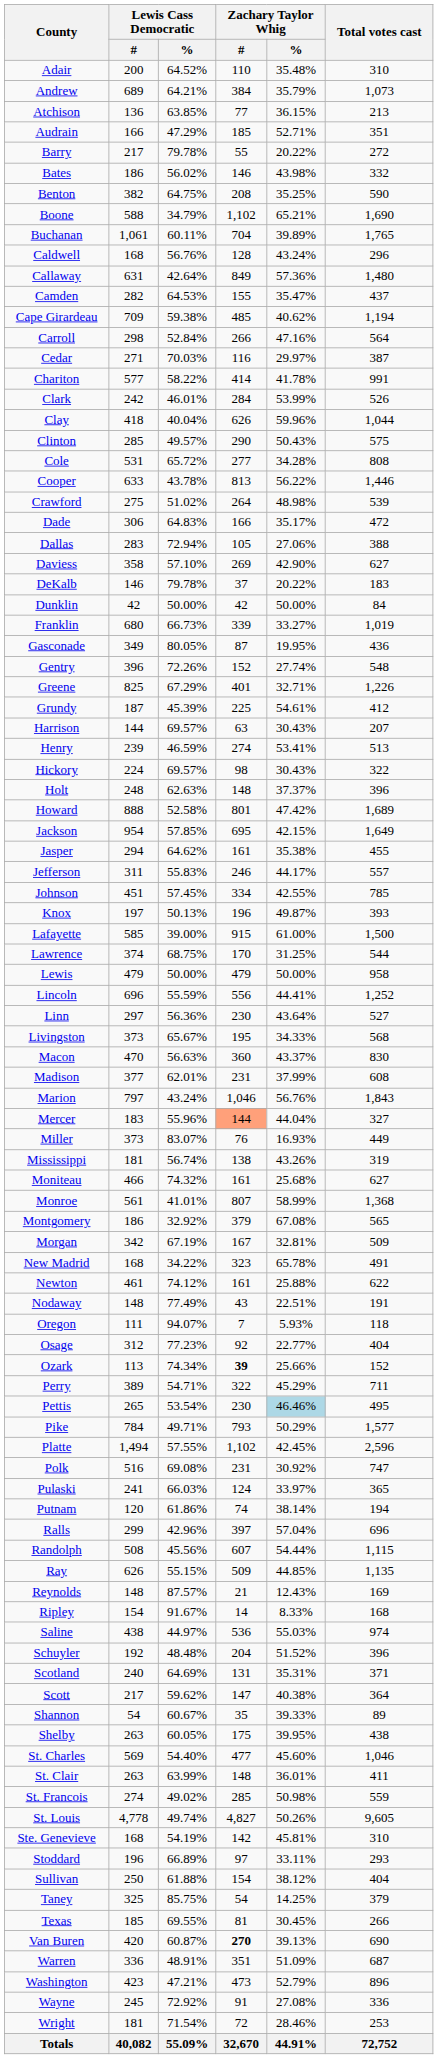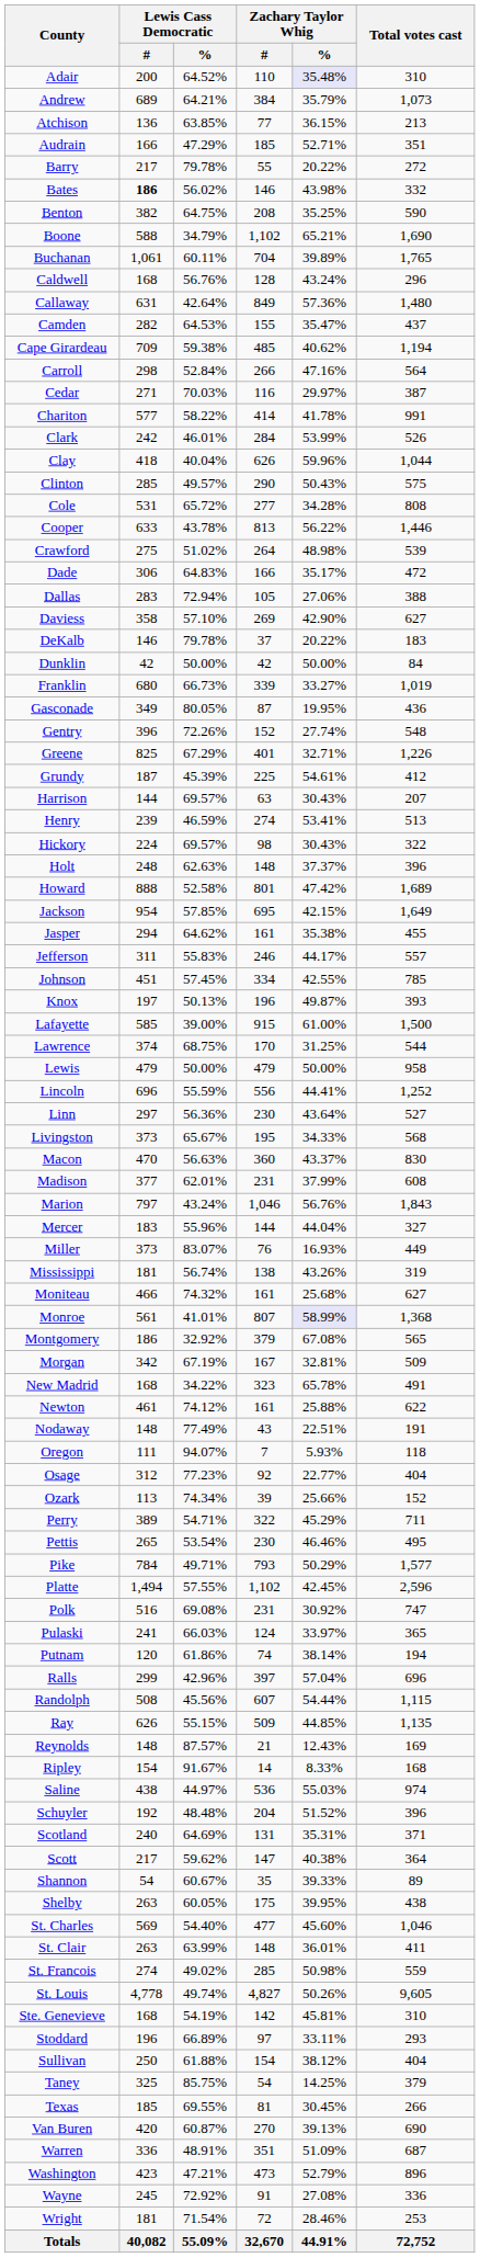 <table class="wikitable sortable" width="60%">
 <tr>
 <th rowspan="2">County</th>
 <th colspan="2">Lewis Cass<br>Democratic</th>
 <th colspan="2">Zachary Taylor<br>Whig</th>
 <th rowspan="2">Total votes cast</th>
 </tr>
 <tr>
 <th data-sort-type="number" style="text-align:center;">#</th>
 <th data-sort-type="number" style="text-align:center;">%</th>
 <th data-sort-type="number" style="text-align:center;">#</th>
 <th data-sort-type="number" style="text-align:center;">%</th>
 </tr>
 <tr style="text-align:center;">
 <td><a href='#'>Adair</a></td>
 <td>200</td>
 <td>64.52%</td>
 <td>110</td>
-<td>35.48%</td>
+<td style="background: lavender;">35.48%</td>
 <td>310</td>
 </tr>
 <tr style="text-align:center;">
 <td><a href='#'>Andrew</a></td>
 <td>689</td>
 <td>64.21%</td>
 <td>384</td>
 <td>35.79%</td>
 <td>1,073</td>
 </tr>
 <tr style="text-align:center;">
 <td><a href='#'>Atchison</a></td>
 <td>136</td>
 <td>63.85%</td>
 <td>77</td>
 <td>36.15%</td>
 <td>213</td>
 </tr>
 <tr style="text-align:center;">
 <td><a href='#'>Audrain</a></td>
 <td>166</td>
 <td>47.29%</td>
 <td>185</td>
 <td>52.71%</td>
 <td>351</td>
 </tr>
 <tr style="text-align:center;">
 <td><a href='#'>Barry</a></td>
 <td>217</td>
 <td>79.78%</td>
 <td>55</td>
 <td>20.22%</td>
 <td>272</td>
 </tr>
 <tr style="text-align:center;">
 <td><a href='#'>Bates</a></td>
-<td>186</td>
+<td><strong>186</strong></td>
 <td>56.02%</td>
 <td>146</td>
 <td>43.98%</td>
 <td>332</td>
 </tr>
 <tr style="text-align:center;">
 <td><a href='#'>Benton</a></td>
 <td>382</td>
 <td>64.75%</td>
 <td>208</td>
 <td>35.25%</td>
 <td>590</td>
 </tr>
 <tr style="text-align:center;">
 <td><a href='#'>Boone</a></td>
 <td>588</td>
 <td>34.79%</td>
 <td>1,102</td>
 <td>65.21%</td>
 <td>1,690</td>
 </tr>
 <tr style="text-align:center;">
 <td><a href='#'>Buchanan</a></td>
 <td>1,061</td>
 <td>60.11%</td>
 <td>704</td>
 <td>39.89%</td>
 <td>1,765</td>
 </tr>
 <tr style="text-align:center;">
 <td><a href='#'>Caldwell</a></td>
 <td>168</td>
 <td>56.76%</td>
 <td>128</td>
 <td>43.24%</td>
 <td>296</td>
 </tr>
 <tr style="text-align:center;">
 <td><a href='#'>Callaway</a></td>
 <td>631</td>
 <td>42.64%</td>
 <td>849</td>
 <td>57.36%</td>
 <td>1,480</td>
 </tr>
 <tr style="text-align:center;">
 <td><a href='#'>Camden</a></td>
 <td>282</td>
 <td>64.53%</td>
 <td>155</td>
 <td>35.47%</td>
 <td>437</td>
 </tr>
 <tr style="text-align:center;">
 <td><a href='#'>Cape Girardeau</a></td>
 <td>709</td>
 <td>59.38%</td>
 <td>485</td>
 <td>40.62%</td>
 <td>1,194</td>
 </tr>
 <tr style="text-align:center;">
 <td><a href='#'>Carroll</a></td>
 <td>298</td>
 <td>52.84%</td>
 <td>266</td>
 <td>47.16%</td>
 <td>564</td>
 </tr>
 <tr style="text-align:center;">
 <td><a href='#'>Cedar</a></td>
 <td>271</td>
 <td>70.03%</td>
 <td>116</td>
 <td>29.97%</td>
 <td>387</td>
 </tr>
 <tr style="text-align:center;">
 <td><a href='#'>Chariton</a></td>
 <td>577</td>
 <td>58.22%</td>
 <td>414</td>
 <td>41.78%</td>
 <td>991</td>
 </tr>
 <tr style="text-align:center;">
 <td><a href='#'>Clark</a></td>
 <td>242</td>
 <td>46.01%</td>
 <td>284</td>
 <td>53.99%</td>
 <td>526</td>
 </tr>
 <tr style="text-align:center;">
 <td><a href='#'>Clay</a></td>
 <td>418</td>
 <td>40.04%</td>
 <td>626</td>
 <td>59.96%</td>
 <td>1,044</td>
 </tr>
 <tr style="text-align:center;">
 <td><a href='#'>Clinton</a></td>
 <td>285</td>
 <td>49.57%</td>
 <td>290</td>
 <td>50.43%</td>
 <td>575</td>
 </tr>
 <tr style="text-align:center;">
 <td><a href='#'>Cole</a></td>
 <td>531</td>
 <td>65.72%</td>
 <td>277</td>
 <td>34.28%</td>
 <td>808</td>
 </tr>
 <tr style="text-align:center;">
 <td><a href='#'>Cooper</a></td>
 <td>633</td>
 <td>43.78%</td>
 <td>813</td>
 <td>56.22%</td>
 <td>1,446</td>
 </tr>
 <tr style="text-align:center;">
 <td><a href='#'>Crawford</a></td>
 <td>275</td>
 <td>51.02%</td>
 <td>264</td>
 <td>48.98%</td>
 <td>539</td>
 </tr>
 <tr style="text-align:center;">
 <td><a href='#'>Dade</a></td>
 <td>306</td>
 <td>64.83%</td>
 <td>166</td>
 <td>35.17%</td>
 <td>472</td>
 </tr>
 <tr style="text-align:center;">
 <td><a href='#'>Dallas</a></td>
 <td>283</td>
 <td>72.94%</td>
 <td>105</td>
 <td>27.06%</td>
 <td>388</td>
 </tr>
 <tr style="text-align:center;">
 <td><a href='#'>Daviess</a></td>
 <td>358</td>
 <td>57.10%</td>
 <td>269</td>
 <td>42.90%</td>
 <td>627</td>
 </tr>
 <tr style="text-align:center;">
 <td><a href='#'>DeKalb</a></td>
 <td>146</td>
 <td>79.78%</td>
 <td>37</td>
 <td>20.22%</td>
 <td>183</td>
 </tr>
 <tr style="text-align:center;">
 <td><a href='#'>Dunklin</a></td>
 <td>42</td>
 <td>50.00%</td>
 <td>42</td>
 <td>50.00%</td>
 <td>84</td>
 </tr>
 <tr style="text-align:center;">
 <td><a href='#'>Franklin</a></td>
 <td>680</td>
 <td>66.73%</td>
 <td>339</td>
 <td>33.27%</td>
 <td>1,019</td>
 </tr>
 <tr style="text-align:center;">
 <td><a href='#'>Gasconade</a></td>
 <td>349</td>
 <td>80.05%</td>
 <td>87</td>
 <td>19.95%</td>
 <td>436</td>
 </tr>
 <tr style="text-align:center;">
 <td><a href='#'>Gentry</a></td>
 <td>396</td>
 <td>72.26%</td>
 <td>152</td>
 <td>27.74%</td>
 <td>548</td>
 </tr>
 <tr style="text-align:center;">
 <td><a href='#'>Greene</a></td>
 <td>825</td>
 <td>67.29%</td>
 <td>401</td>
 <td>32.71%</td>
 <td>1,226</td>
 </tr>
 <tr style="text-align:center;">
 <td><a href='#'>Grundy</a></td>
 <td>187</td>
 <td>45.39%</td>
 <td>225</td>
 <td>54.61%</td>
 <td>412</td>
 </tr>
 <tr style="text-align:center;">
 <td><a href='#'>Harrison</a></td>
 <td>144</td>
 <td>69.57%</td>
 <td>63</td>
 <td>30.43%</td>
 <td>207</td>
 </tr>
 <tr style="text-align:center;">
 <td><a href='#'>Henry</a></td>
 <td>239</td>
 <td>46.59%</td>
 <td>274</td>
 <td>53.41%</td>
 <td>513</td>
 </tr>
 <tr style="text-align:center;">
 <td><a href='#'>Hickory</a></td>
 <td>224</td>
 <td>69.57%</td>
 <td>98</td>
 <td>30.43%</td>
 <td>322</td>
 </tr>
 <tr style="text-align:center;">
 <td><a href='#'>Holt</a></td>
 <td>248</td>
 <td>62.63%</td>
 <td>148</td>
 <td>37.37%</td>
 <td>396</td>
 </tr>
 <tr style="text-align:center;">
 <td><a href='#'>Howard</a></td>
 <td>888</td>
 <td>52.58%</td>
 <td>801</td>
 <td>47.42%</td>
 <td>1,689</td>
 </tr>
 <tr style="text-align:center;">
 <td><a href='#'>Jackson</a></td>
 <td>954</td>
 <td>57.85%</td>
 <td>695</td>
 <td>42.15%</td>
 <td>1,649</td>
 </tr>
 <tr style="text-align:center;">
 <td><a href='#'>Jasper</a></td>
 <td>294</td>
 <td>64.62%</td>
 <td>161</td>
 <td>35.38%</td>
 <td>455</td>
 </tr>
 <tr style="text-align:center;">
 <td><a href='#'>Jefferson</a></td>
 <td>311</td>
 <td>55.83%</td>
 <td>246</td>
 <td>44.17%</td>
 <td>557</td>
 </tr>
 <tr style="text-align:center;">
 <td><a href='#'>Johnson</a></td>
 <td>451</td>
 <td>57.45%</td>
 <td>334</td>
 <td>42.55%</td>
 <td>785</td>
 </tr>
 <tr style="text-align:center;">
 <td><a href='#'>Knox</a></td>
 <td>197</td>
 <td>50.13%</td>
 <td>196</td>
 <td>49.87%</td>
 <td>393</td>
 </tr>
 <tr style="text-align:center;">
 <td><a href='#'>Lafayette</a></td>
 <td>585</td>
 <td>39.00%</td>
 <td>915</td>
 <td>61.00%</td>
 <td>1,500</td>
 </tr>
 <tr style="text-align:center;">
 <td><a href='#'>Lawrence</a></td>
 <td>374</td>
 <td>68.75%</td>
 <td>170</td>
 <td>31.25%</td>
 <td>544</td>
 </tr>
 <tr style="text-align:center;">
 <td><a href='#'>Lewis</a></td>
 <td>479</td>
 <td>50.00%</td>
 <td>479</td>
 <td>50.00%</td>
 <td>958</td>
 </tr>
 <tr style="text-align:center;">
 <td><a href='#'>Lincoln</a></td>
 <td>696</td>
 <td>55.59%</td>
 <td>556</td>
 <td>44.41%</td>
 <td>1,252</td>
 </tr>
 <tr style="text-align:center;">
 <td><a href='#'>Linn</a></td>
 <td>297</td>
 <td>56.36%</td>
 <td>230</td>
 <td>43.64%</td>
 <td>527</td>
 </tr>
 <tr style="text-align:center;">
 <td><a href='#'>Livingston</a></td>
 <td>373</td>
 <td>65.67%</td>
 <td>195</td>
 <td>34.33%</td>
 <td>568</td>
 </tr>
 <tr style="text-align:center;">
 <td><a href='#'>Macon</a></td>
 <td>470</td>
 <td>56.63%</td>
 <td>360</td>
 <td>43.37%</td>
 <td>830</td>
 </tr>
 <tr style="text-align:center;">
 <td><a href='#'>Madison</a></td>
 <td>377</td>
 <td>62.01%</td>
 <td>231</td>
 <td>37.99%</td>
 <td>608</td>
 </tr>
 <tr style="text-align:center;">
 <td><a href='#'>Marion</a></td>
 <td>797</td>
 <td>43.24%</td>
 <td>1,046</td>
 <td>56.76%</td>
 <td>1,843</td>
 </tr>
 <tr style="text-align:center;">
 <td><a href='#'>Mercer</a></td>
 <td>183</td>
 <td>55.96%</td>
-<td style="background: lightsalmon;">144</td>
+<td>144</td>
 <td>44.04%</td>
 <td>327</td>
 </tr>
 <tr style="text-align:center;">
 <td><a href='#'>Miller</a></td>
 <td>373</td>
 <td>83.07%</td>
 <td>76</td>
 <td>16.93%</td>
 <td>449</td>
 </tr>
 <tr style="text-align:center;">
 <td><a href='#'>Mississippi</a></td>
 <td>181</td>
 <td>56.74%</td>
 <td>138</td>
 <td>43.26%</td>
 <td>319</td>
 </tr>
 <tr style="text-align:center;">
 <td><a href='#'>Moniteau</a></td>
 <td>466</td>
 <td>74.32%</td>
 <td>161</td>
 <td>25.68%</td>
 <td>627</td>
 </tr>
 <tr style="text-align:center;">
 <td><a href='#'>Monroe</a></td>
 <td>561</td>
 <td>41.01%</td>
 <td>807</td>
-<td>58.99%</td>
+<td style="background: lavender;">58.99%</td>
 <td>1,368</td>
 </tr>
 <tr style="text-align:center;">
 <td><a href='#'>Montgomery</a></td>
 <td>186</td>
 <td>32.92%</td>
 <td>379</td>
 <td>67.08%</td>
 <td>565</td>
 </tr>
 <tr style="text-align:center;">
 <td><a href='#'>Morgan</a></td>
 <td>342</td>
 <td>67.19%</td>
 <td>167</td>
 <td>32.81%</td>
 <td>509</td>
 </tr>
 <tr style="text-align:center;">
 <td><a href='#'>New Madrid</a></td>
 <td>168</td>
 <td>34.22%</td>
 <td>323</td>
 <td>65.78%</td>
 <td>491</td>
 </tr>
 <tr style="text-align:center;">
 <td><a href='#'>Newton</a></td>
 <td>461</td>
 <td>74.12%</td>
 <td>161</td>
 <td>25.88%</td>
 <td>622</td>
 </tr>
 <tr style="text-align:center;">
 <td><a href='#'>Nodaway</a></td>
 <td>148</td>
 <td>77.49%</td>
 <td>43</td>
 <td>22.51%</td>
 <td>191</td>
 </tr>
 <tr style="text-align:center;">
 <td><a href='#'>Oregon</a></td>
 <td>111</td>
 <td>94.07%</td>
 <td>7</td>
 <td>5.93%</td>
 <td>118</td>
 </tr>
 <tr style="text-align:center;">
 <td><a href='#'>Osage</a></td>
 <td>312</td>
 <td>77.23%</td>
 <td>92</td>
 <td>22.77%</td>
 <td>404</td>
 </tr>
 <tr style="text-align:center;">
 <td><a href='#'>Ozark</a></td>
 <td>113</td>
 <td>74.34%</td>
-<td><strong>39</strong></td>
+<td>39</td>
 <td>25.66%</td>
 <td>152</td>
 </tr>
 <tr style="text-align:center;">
 <td><a href='#'>Perry</a></td>
 <td>389</td>
 <td>54.71%</td>
 <td>322</td>
 <td>45.29%</td>
 <td>711</td>
 </tr>
 <tr style="text-align:center;">
 <td><a href='#'>Pettis</a></td>
 <td>265</td>
 <td>53.54%</td>
 <td>230</td>
-<td style="background: lightblue;">46.46%</td>
+<td>46.46%</td>
 <td>495</td>
 </tr>
 <tr style="text-align:center;">
 <td><a href='#'>Pike</a></td>
 <td>784</td>
 <td>49.71%</td>
 <td>793</td>
 <td>50.29%</td>
 <td>1,577</td>
 </tr>
 <tr style="text-align:center;">
 <td><a href='#'>Platte</a></td>
 <td>1,494</td>
 <td>57.55%</td>
 <td>1,102</td>
 <td>42.45%</td>
 <td>2,596</td>
 </tr>
 <tr style="text-align:center;">
 <td><a href='#'>Polk</a></td>
 <td>516</td>
 <td>69.08%</td>
 <td>231</td>
 <td>30.92%</td>
 <td>747</td>
 </tr>
 <tr style="text-align:center;">
 <td><a href='#'>Pulaski</a></td>
 <td>241</td>
 <td>66.03%</td>
 <td>124</td>
 <td>33.97%</td>
 <td>365</td>
 </tr>
 <tr style="text-align:center;">
 <td><a href='#'>Putnam</a></td>
 <td>120</td>
 <td>61.86%</td>
 <td>74</td>
 <td>38.14%</td>
 <td>194</td>
 </tr>
 <tr style="text-align:center;">
 <td><a href='#'>Ralls</a></td>
 <td>299</td>
 <td>42.96%</td>
 <td>397</td>
 <td>57.04%</td>
 <td>696</td>
 </tr>
 <tr style="text-align:center;">
 <td><a href='#'>Randolph</a></td>
 <td>508</td>
 <td>45.56%</td>
 <td>607</td>
 <td>54.44%</td>
 <td>1,115</td>
 </tr>
 <tr style="text-align:center;">
 <td><a href='#'>Ray</a></td>
 <td>626</td>
 <td>55.15%</td>
 <td>509</td>
 <td>44.85%</td>
 <td>1,135</td>
 </tr>
 <tr style="text-align:center;">
 <td><a href='#'>Reynolds</a></td>
 <td>148</td>
 <td>87.57%</td>
 <td>21</td>
 <td>12.43%</td>
 <td>169</td>
 </tr>
 <tr style="text-align:center;">
 <td><a href='#'>Ripley</a></td>
 <td>154</td>
 <td>91.67%</td>
 <td>14</td>
 <td>8.33%</td>
 <td>168</td>
 </tr>
 <tr style="text-align:center;">
 <td><a href='#'>Saline</a></td>
 <td>438</td>
 <td>44.97%</td>
 <td>536</td>
 <td>55.03%</td>
 <td>974</td>
 </tr>
 <tr style="text-align:center;">
 <td><a href='#'>Schuyler</a></td>
 <td>192</td>
 <td>48.48%</td>
 <td>204</td>
 <td>51.52%</td>
 <td>396</td>
 </tr>
 <tr style="text-align:center;">
 <td><a href='#'>Scotland</a></td>
 <td>240</td>
 <td>64.69%</td>
 <td>131</td>
 <td>35.31%</td>
 <td>371</td>
 </tr>
 <tr style="text-align:center;">
 <td><a href='#'>Scott</a></td>
 <td>217</td>
 <td>59.62%</td>
 <td>147</td>
 <td>40.38%</td>
 <td>364</td>
 </tr>
 <tr style="text-align:center;">
 <td><a href='#'>Shannon</a></td>
 <td>54</td>
 <td>60.67%</td>
 <td>35</td>
 <td>39.33%</td>
 <td>89</td>
 </tr>
 <tr style="text-align:center;">
 <td><a href='#'>Shelby</a></td>
 <td>263</td>
 <td>60.05%</td>
 <td>175</td>
 <td>39.95%</td>
 <td>438</td>
 </tr>
 <tr style="text-align:center;">
 <td><a href='#'>St. Charles</a></td>
 <td>569</td>
 <td>54.40%</td>
 <td>477</td>
 <td>45.60%</td>
 <td>1,046</td>
 </tr>
 <tr style="text-align:center;">
 <td><a href='#'>St. Clair</a></td>
 <td>263</td>
 <td>63.99%</td>
 <td>148</td>
 <td>36.01%</td>
 <td>411</td>
 </tr>
 <tr style="text-align:center;">
 <td><a href='#'>St. Francois</a></td>
 <td>274</td>
 <td>49.02%</td>
 <td>285</td>
 <td>50.98%</td>
 <td>559</td>
 </tr>
 <tr style="text-align:center;">
 <td><a href='#'>St. Louis</a></td>
 <td>4,778</td>
 <td>49.74%</td>
 <td>4,827</td>
 <td>50.26%</td>
 <td>9,605</td>
 </tr>
 <tr style="text-align:center;">
 <td><a href='#'>Ste. Genevieve</a></td>
 <td>168</td>
 <td>54.19%</td>
 <td>142</td>
 <td>45.81%</td>
 <td>310</td>
 </tr>
 <tr style="text-align:center;">
 <td><a href='#'>Stoddard</a></td>
 <td>196</td>
 <td>66.89%</td>
 <td>97</td>
 <td>33.11%</td>
 <td>293</td>
 </tr>
 <tr style="text-align:center;">
 <td><a href='#'>Sullivan</a></td>
 <td>250</td>
 <td>61.88%</td>
 <td>154</td>
 <td>38.12%</td>
 <td>404</td>
 </tr>
 <tr style="text-align:center;">
 <td><a href='#'>Taney</a></td>
 <td>325</td>
 <td>85.75%</td>
 <td>54</td>
 <td>14.25%</td>
 <td>379</td>
 </tr>
 <tr style="text-align:center;">
 <td><a href='#'>Texas</a></td>
 <td>185</td>
 <td>69.55%</td>
 <td>81</td>
 <td>30.45%</td>
 <td>266</td>
 </tr>
 <tr style="text-align:center;">
 <td><a href='#'>Van Buren</a></td>
 <td>420</td>
 <td>60.87%</td>
-<td><strong>270</strong></td>
+<td>270</td>
 <td>39.13%</td>
 <td>690</td>
 </tr>
 <tr style="text-align:center;">
 <td><a href='#'>Warren</a></td>
 <td>336</td>
 <td>48.91%</td>
 <td>351</td>
 <td>51.09%</td>
 <td>687</td>
 </tr>
 <tr style="text-align:center;">
 <td><a href='#'>Washington</a></td>
 <td>423</td>
 <td>47.21%</td>
 <td>473</td>
 <td>52.79%</td>
 <td>896</td>
 </tr>
 <tr style="text-align:center;">
 <td><a href='#'>Wayne</a></td>
 <td>245</td>
 <td>72.92%</td>
 <td>91</td>
 <td>27.08%</td>
 <td>336</td>
 </tr>
 <tr style="text-align:center;">
 <td><a href='#'>Wright</a></td>
 <td>181</td>
 <td>71.54%</td>
 <td>72</td>
 <td>28.46%</td>
 <td>253</td>
 </tr>
 <tr>
 <th>Totals</th>
 <th>40,082</th>
 <th>55.09%</th>
 <th>32,670</th>
 <th>44.91%</th>
 <th>72,752</th>
 </tr>
 </table>
